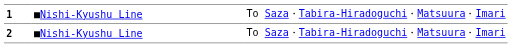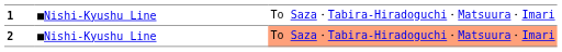 <table border="1" cellspacing="0" cellpadding="3" frame="hsides" rules="rows" style="margin-top:.4em; text-align:left">
 <tr>
 <th style="width:30px" rowspan=1>1</th>
 <td style="width:270px"><span>■</span><a href='#'>Nishi-Kyushu Line</a></td>
 <td>To <a href='#'>Saza</a>・<a href='#'>Tabira-Hiradoguchi</a>・<a href='#'>Matsuura</a>・<a href='#'>Imari</a></td>
 </tr>
 <tr>
 <th style="width:30px" rowspan=1>2</th>
 <td style="width:270px"><span>■</span><a href='#'>Nishi-Kyushu Line</a></td>
-<td>To <a href='#'>Saza</a>・<a href='#'>Tabira-Hiradoguchi</a>・<a href='#'>Matsuura</a>・<a href='#'>Imari</a></td>
+<td style="background: lightsalmon;">To <a href='#'>Saza</a>・<a href='#'>Tabira-Hiradoguchi</a>・<a href='#'>Matsuura</a>・<a href='#'>Imari</a></td>
 </tr>
 </table>
